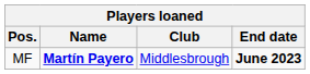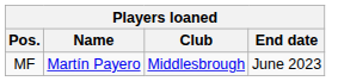 <table class="wikitable" style="font-size:95%;">
 <tr>
 <th colspan="6">Players loaned</th>
 </tr>
 <tr>
 <th>Pos.</th>
 <th>Name</th>
 <th>Club</th>
 <th>End date</th>
 </tr>
 <tr>
 <td align="center">MF</td>
-<td><strong> <a href='#'>Martín Payero</a></strong></td>
+<td> <a href='#'>Martín Payero</a></td>
 <td> <a href='#'>Middlesbrough</a></td>
-<td><strong>June 2023</strong></td>
+<td>June 2023</td>
 </tr>
 </table>
